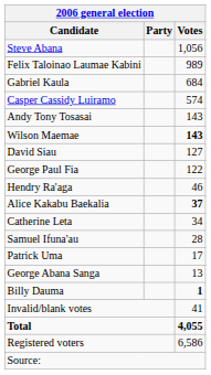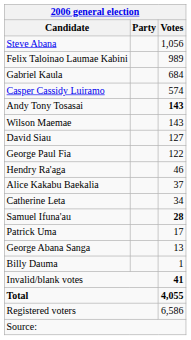 <table class=wikitable style=text-align:left>
 <tr>
 <th colspan=3><a href='#'>2006 general election</a></th>
 </tr>
 <tr>
 <th>Candidate</th>
 <th>Party</th>
 <th>Votes</th>
 </tr>
 <tr>
 <td><a href='#'>Steve Abana</a></td>
 <td></td>
 <td align=right>1,056</td>
 </tr>
 <tr>
 <td>Felix Taloinao Laumae Kabini</td>
 <td></td>
 <td align=right>989</td>
 </tr>
 <tr>
 <td>Gabriel Kaula</td>
 <td></td>
 <td align=right>684</td>
 </tr>
 <tr>
 <td><a href='#'>Casper Cassidy Luiramo</a></td>
 <td></td>
 <td align=right>574</td>
 </tr>
 <tr>
 <td>Andy Tony Tosasai</td>
 <td></td>
-<td align=right>143</td>
+<td align=right><strong>143</strong></td>
 </tr>
 <tr>
 <td>Wilson Maemae</td>
 <td></td>
-<td align=right><strong>143</strong></td>
+<td align=right>143</td>
 </tr>
 <tr>
 <td>David Siau</td>
 <td></td>
 <td align=right>127</td>
 </tr>
 <tr>
 <td>George Paul Fia</td>
 <td></td>
 <td align=right>122</td>
 </tr>
 <tr>
 <td>Hendry Ra'aga</td>
 <td></td>
 <td align=right>46</td>
 </tr>
 <tr>
 <td>Alice Kakabu Baekalia</td>
 <td></td>
-<td align=right><strong>37</strong></td>
+<td align=right>37</td>
 </tr>
 <tr>
 <td>Catherine Leta</td>
 <td></td>
 <td align=right>34</td>
 </tr>
 <tr>
 <td>Samuel Ifuna'au</td>
 <td></td>
-<td align=right>28</td>
+<td align=right><strong>28</strong></td>
 </tr>
 <tr>
 <td>Patrick Uma</td>
 <td></td>
 <td align=right>17</td>
 </tr>
 <tr>
 <td>George Abana Sanga</td>
 <td></td>
 <td align=right>13</td>
 </tr>
 <tr>
 <td>Billy Dauma</td>
 <td></td>
-<td align=right><strong>1</strong></td>
+<td align=right>1</td>
 </tr>
 <tr>
 <td colspan=2>Invalid/blank votes</td>
-<td align=right>41</td>
+<td align=right><strong>41</strong></td>
 </tr>
 <tr>
 <td colspan=2><strong>Total</strong></td>
 <td align=right><strong>4,055</strong></td>
 </tr>
 <tr>
 <td colspan=2>Registered voters</td>
 <td align=right>6,586</td>
 </tr>
 <tr>
 <td colspan=3>Source: </td>
 </tr>
 </table>
